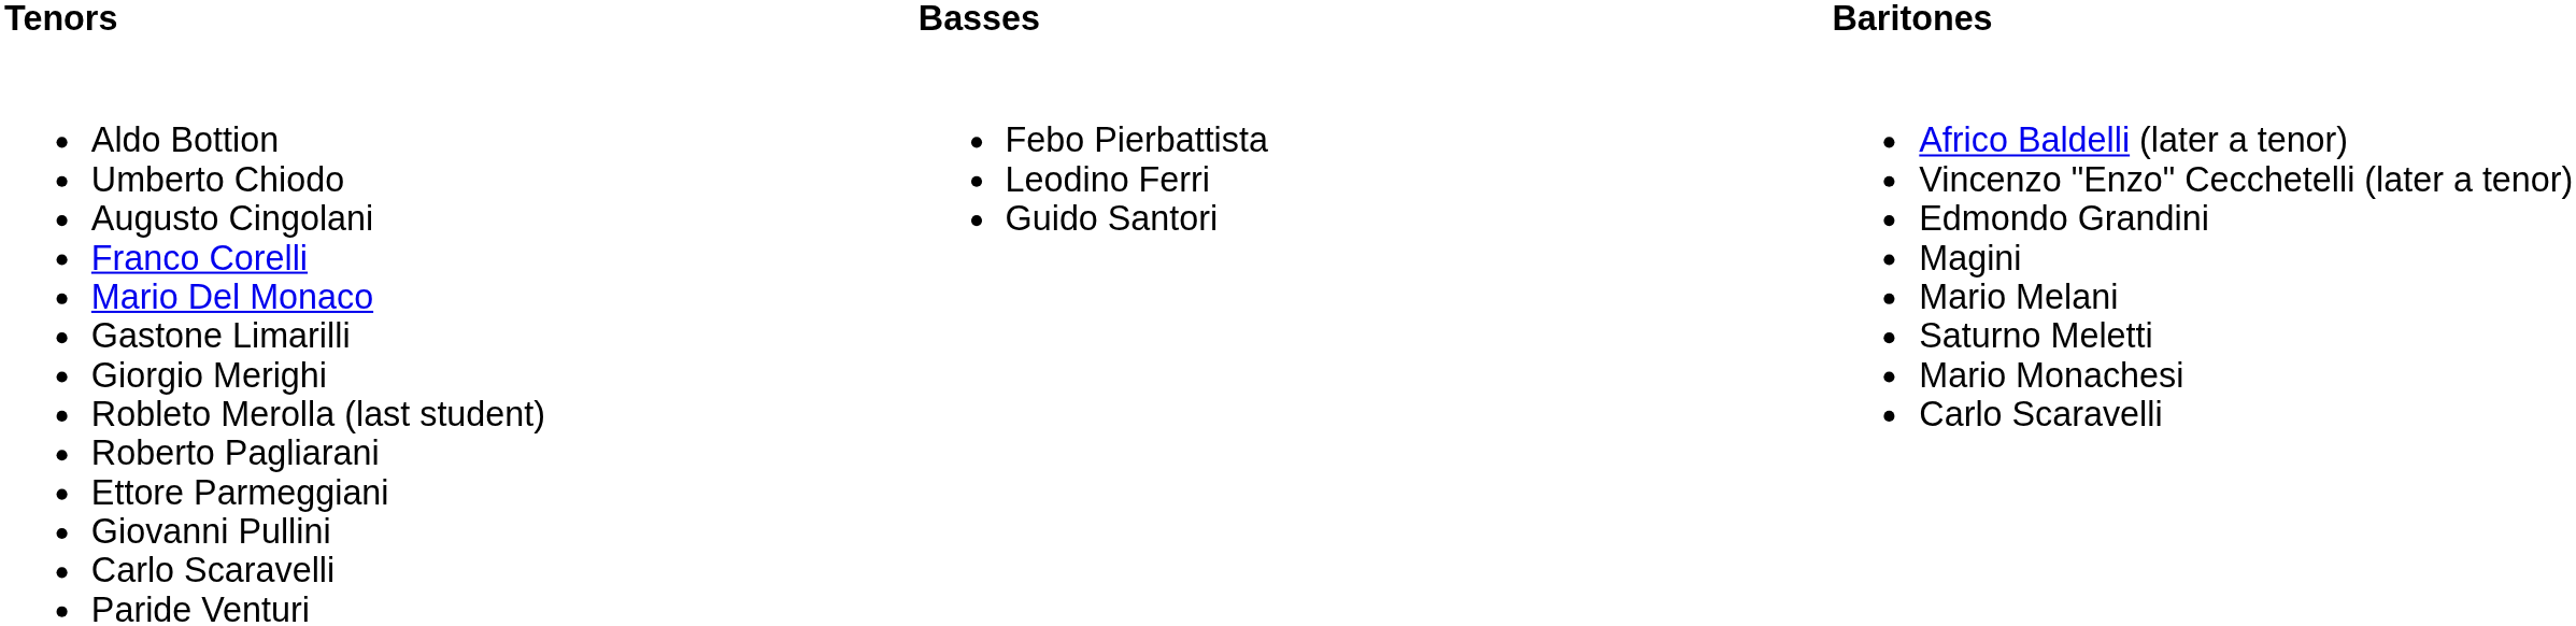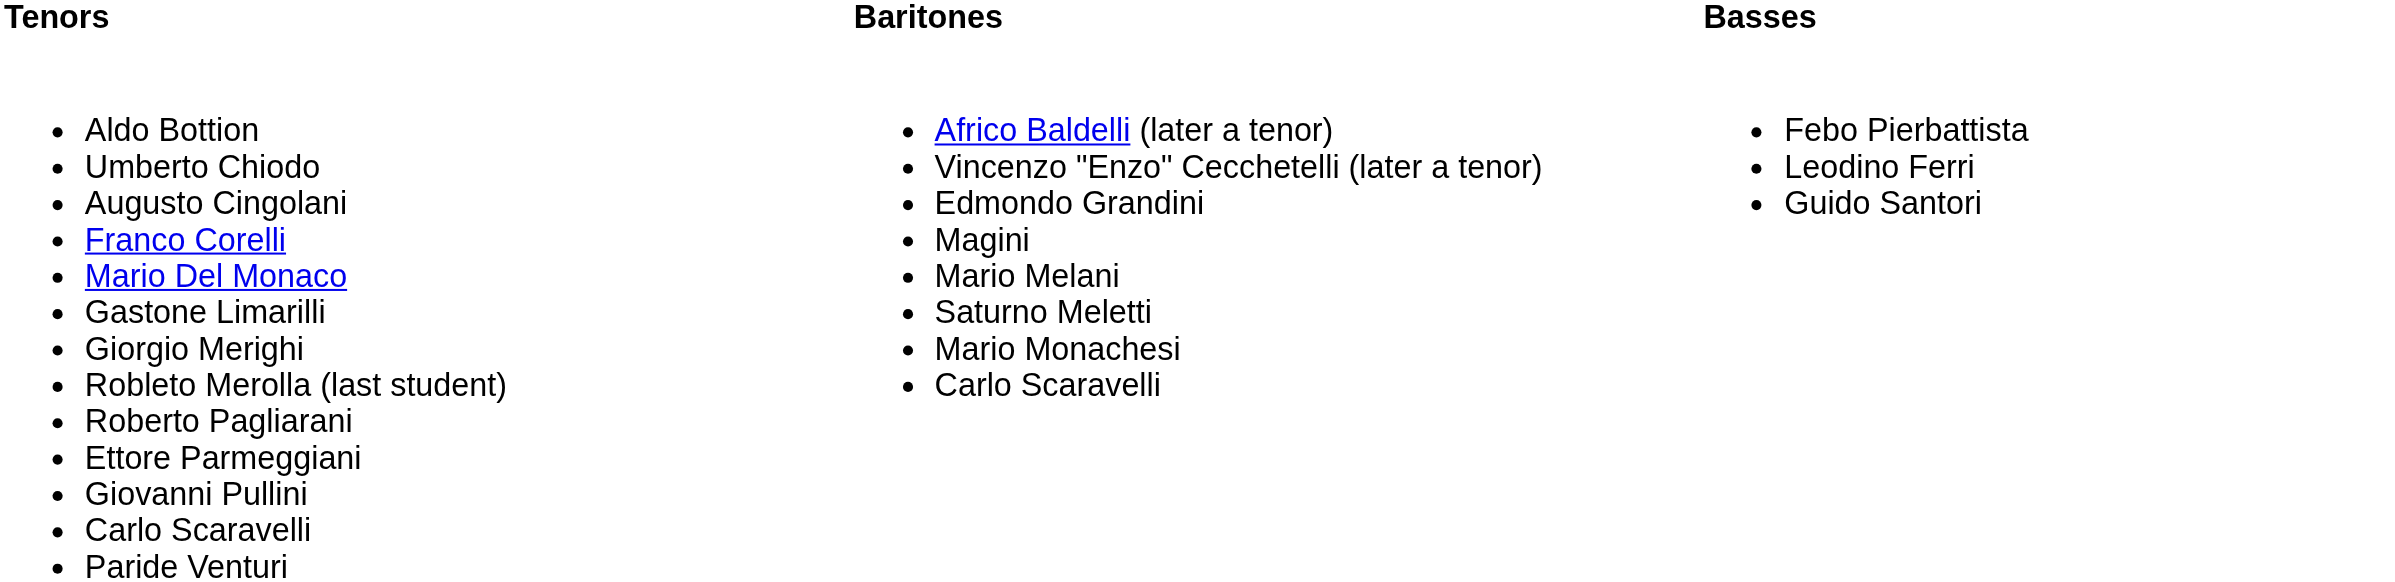 <table style="width: 100%;">
 <tr>
 <th width="33%" align="left">Tenors</th>
+<th width="33%" align="left">Baritones</th>
 <th width="33%" align="left">Basses</th>
-<th width="33%" align="left">Baritones</th>
 </tr>
 <tr valign="top">
 <td><br><ul><li>Aldo Bottion</li><li>Umberto Chiodo</li><li>Augusto Cingolani</li><li><a href='#'>Franco Corelli</a></li><li><a href='#'>Mario Del Monaco</a></li><li>Gastone Limarilli</li><li>Giorgio Merighi</li><li>Robleto Merolla (last student)</li><li>Roberto Pagliarani</li><li>Ettore Parmeggiani</li><li>Giovanni Pullini</li><li>Carlo Scaravelli</li><li>Paride Venturi</li></ul></td>
+<td><br><ul><li><a href='#'>Africo Baldelli</a> (later a tenor)</li><li>Vincenzo "Enzo" Cecchetelli (later a tenor)</li><li>Edmondo Grandini</li><li>Magini</li><li>Mario Melani</li><li>Saturno Meletti</li><li>Mario Monachesi</li><li>Carlo Scaravelli</li></ul></td>
 <td><br><ul><li>Febo Pierbattista</li><li>Leodino Ferri</li><li>Guido Santori</li></ul></td>
-<td><br><ul><li><a href='#'>Africo Baldelli</a> (later a tenor)</li><li>Vincenzo "Enzo" Cecchetelli (later a tenor)</li><li>Edmondo Grandini</li><li>Magini</li><li>Mario Melani</li><li>Saturno Meletti</li><li>Mario Monachesi</li><li>Carlo Scaravelli</li></ul></td>
 </tr>
 </table>
